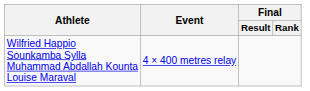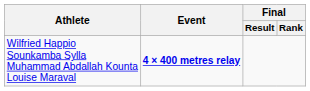 <table class=wikitable style=font-size:90%>
 <tr>
 <th rowspan=2>Athlete</th>
 <th rowspan=2>Event</th>
 <th colspan=2>Final</th>
 </tr>
 <tr style=font-size:95%>
 <th>Result</th>
 <th>Rank</th>
 </tr>
 <tr align=center>
 <td align=left><a href='#'>Wilfried Happio</a><br><a href='#'>Sounkamba Sylla</a><br><a href='#'>Muhammad Abdallah Kounta</a><br><a href='#'>Louise Maraval</a></td>
-<td align=left><a href='#'>4 × 400 metres relay</a></td>
+<td align=left><strong><a href='#'>4 × 400 metres relay</a></strong></td>
 <td colspan=2></td>
 </tr>
 </table>
